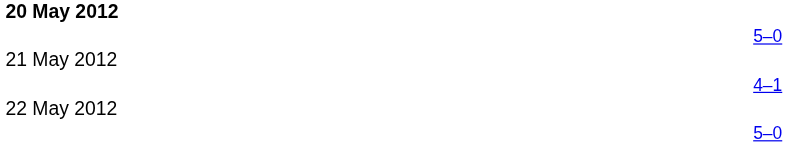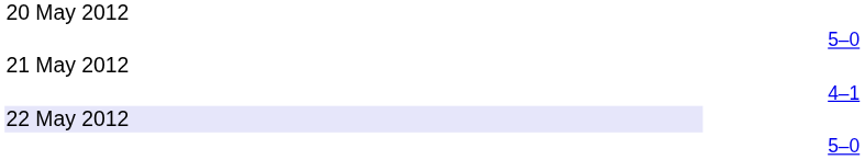 <table style="width:100%;" cellspacing="1">
 <tr>
 <th width=25%></th>
 <th width=10%></th>
 <th width=25%></th>
 </tr>
 <tr>
-<td><strong>20 May 2012</strong></td>
+<td>20 May 2012</td>
 </tr>
 <tr style=font-size:90%>
 <td align=right></td>
 <td align=center><a href='#'>5–0</a></td>
 <td></td>
 </tr>
 <tr>
 <td>21 May 2012</td>
 </tr>
 <tr style=font-size:90%>
 <td align=right></td>
 <td align=center><a href='#'>4–1</a></td>
 <td></td>
 </tr>
 <tr>
-<td>22 May 2012</td>
+<td style="background: lavender;">22 May 2012</td>
 </tr>
 <tr style=font-size:90%>
 <td align=right></td>
 <td align=center><a href='#'>5–0</a></td>
 <td></td>
 </tr>
 </table>
